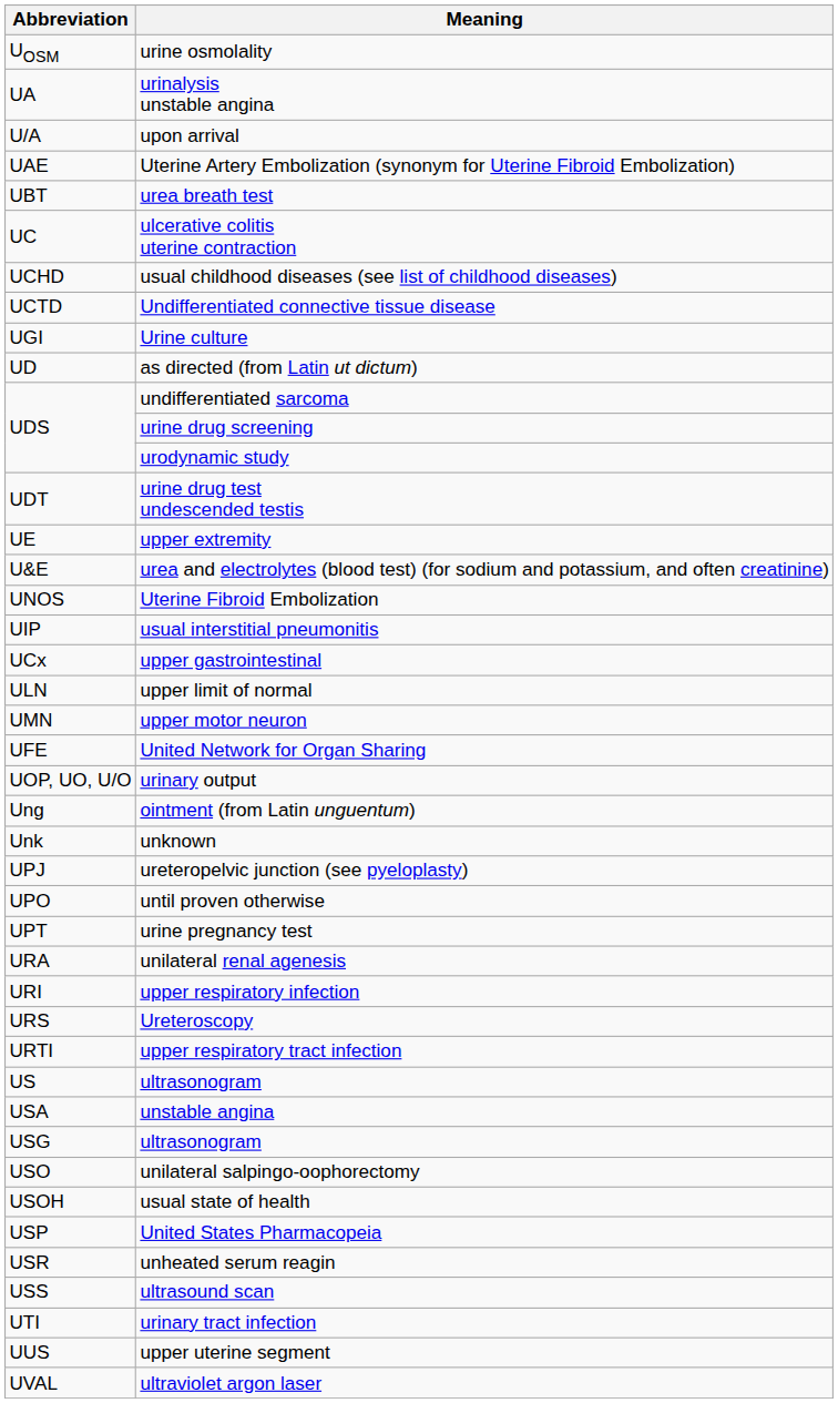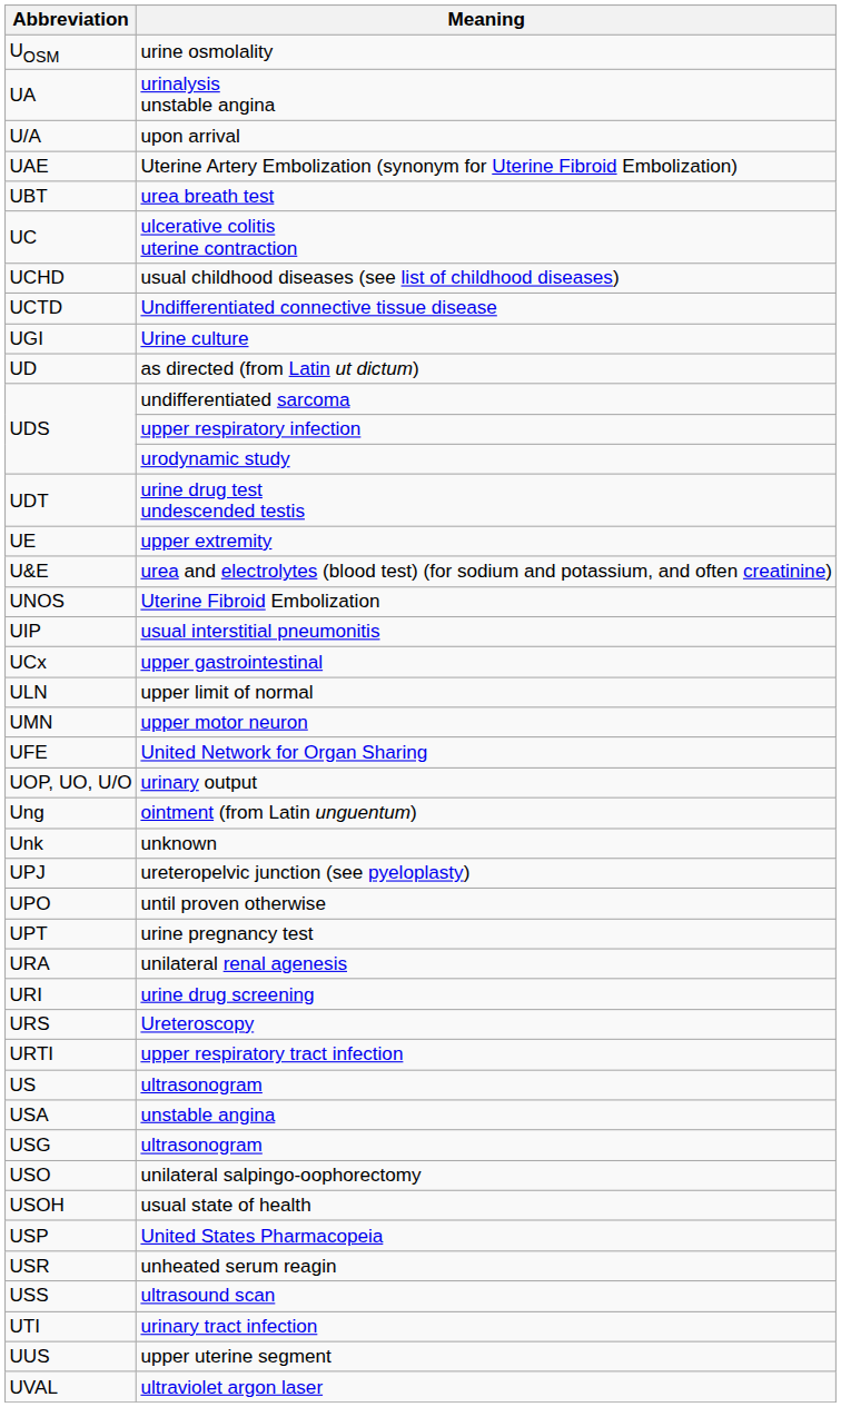 <table class="wikitable sortable">
 <tr>
 <th scope="col">Abbreviation</th>
 <th scope="col">Meaning</th>
 </tr>
 <tr>
 <td>U<sub>OSM</sub></td>
 <td>urine osmolality</td>
 </tr>
 <tr>
 <td>UA</td>
 <td><a href='#'>urinalysis</a> <br> unstable angina</td>
 </tr>
 <tr>
 <td>U/A</td>
 <td>upon arrival</td>
 </tr>
 <tr>
 <td>UAE</td>
 <td>Uterine Artery Embolization (synonym for <a href='#'>Uterine Fibroid</a> Embolization)</td>
 </tr>
 <tr>
 <td>UBT</td>
 <td><a href='#'>urea breath test</a></td>
 </tr>
 <tr>
 <td>UC</td>
 <td><a href='#'>ulcerative colitis</a> <br> <a href='#'>uterine contraction</a></td>
 </tr>
 <tr>
 <td>UCHD</td>
 <td>usual childhood diseases (see <a href='#'>list of childhood diseases</a>)</td>
 </tr>
 <tr>
 <td>UCTD</td>
 <td><a href='#'>Undifferentiated connective tissue disease</a></td>
 </tr>
 <tr>
 <td>UGI</td>
 <td><a href='#'>Urine culture</a></td>
 </tr>
 <tr>
 <td>UD</td>
 <td>as directed (from <a href='#'>Latin</a> <em>ut dictum</em>)</td>
 </tr>
 <tr>
 <td rowspan="3">UDS</td>
 <td>undifferentiated <a href='#'>sarcoma</a></td>
 </tr>
 <tr>
-<td><a href='#'>urine drug screening</a></td>
+<td><a href='#'>upper respiratory infection</a></td>
 </tr>
 <tr>
 <td><a href='#'>urodynamic study</a></td>
 </tr>
 <tr>
 <td>UDT</td>
 <td><a href='#'>urine drug test</a> <br> <a href='#'>undescended testis</a></td>
 </tr>
 <tr>
 <td>UE</td>
 <td><a href='#'>upper extremity</a></td>
 </tr>
 <tr>
 <td>U&E</td>
 <td><a href='#'>urea</a> and <a href='#'>electrolytes</a> (blood test) (for sodium and potassium, and often <a href='#'>creatinine</a>)</td>
 </tr>
 <tr>
 <td>UNOS</td>
 <td><a href='#'>Uterine Fibroid</a> Embolization</td>
 </tr>
 <tr>
 <td>UIP</td>
 <td><a href='#'>usual interstitial pneumonitis</a></td>
 </tr>
 <tr>
 <td>UCx</td>
 <td><a href='#'>upper gastrointestinal</a></td>
 </tr>
 <tr>
 <td>ULN</td>
 <td>upper limit of normal</td>
 </tr>
 <tr>
 <td>UMN</td>
 <td><a href='#'>upper motor neuron</a></td>
 </tr>
 <tr>
 <td>UFE</td>
 <td><a href='#'>United Network for Organ Sharing</a></td>
 </tr>
 <tr>
 <td>UOP, UO, U/O</td>
 <td><a href='#'>urinary</a> output</td>
 </tr>
 <tr>
 <td>Ung</td>
 <td><a href='#'>ointment</a> (from Latin <em>unguentum</em>)</td>
 </tr>
 <tr>
 <td>Unk</td>
 <td>unknown</td>
 </tr>
 <tr>
 <td>UPJ</td>
 <td>ureteropelvic junction (see <a href='#'>pyeloplasty</a>)</td>
 </tr>
 <tr>
 <td>UPO</td>
 <td>until proven otherwise</td>
 </tr>
 <tr>
 <td>UPT</td>
 <td>urine pregnancy test</td>
 </tr>
 <tr>
 <td>URA</td>
 <td>unilateral <a href='#'>renal agenesis</a></td>
 </tr>
 <tr>
 <td>URI</td>
-<td><a href='#'>upper respiratory infection</a></td>
+<td><a href='#'>urine drug screening</a></td>
 </tr>
 <tr>
 <td>URS</td>
 <td><a href='#'>Ureteroscopy</a></td>
 </tr>
 <tr>
 <td>URTI</td>
 <td><a href='#'>upper respiratory tract infection</a></td>
 </tr>
 <tr>
 <td>US</td>
 <td><a href='#'>ultrasonogram</a></td>
 </tr>
 <tr>
 <td>USA</td>
 <td><a href='#'>unstable angina</a></td>
 </tr>
 <tr>
 <td>USG</td>
 <td><a href='#'>ultrasonogram</a></td>
 </tr>
 <tr>
 <td>USO</td>
 <td>unilateral salpingo-oophorectomy</td>
 </tr>
 <tr>
 <td>USOH</td>
 <td>usual state of health</td>
 </tr>
 <tr>
 <td>USP</td>
 <td><a href='#'>United States Pharmacopeia</a></td>
 </tr>
 <tr>
 <td>USR</td>
 <td>unheated serum reagin</td>
 </tr>
 <tr>
 <td>USS</td>
 <td><a href='#'>ultrasound scan</a></td>
 </tr>
 <tr>
 <td>UTI</td>
 <td><a href='#'>urinary tract infection</a></td>
 </tr>
 <tr>
 <td>UUS</td>
 <td>upper uterine segment</td>
 </tr>
 <tr>
 <td>UVAL</td>
 <td><a href='#'>ultraviolet argon laser</a></td>
 </tr>
 </table>
